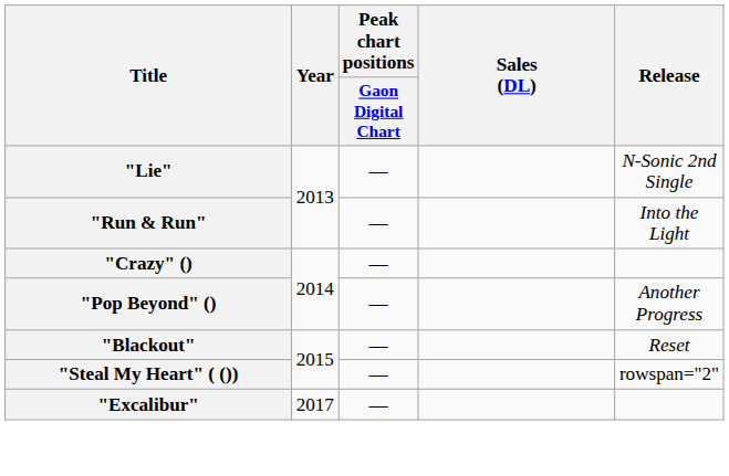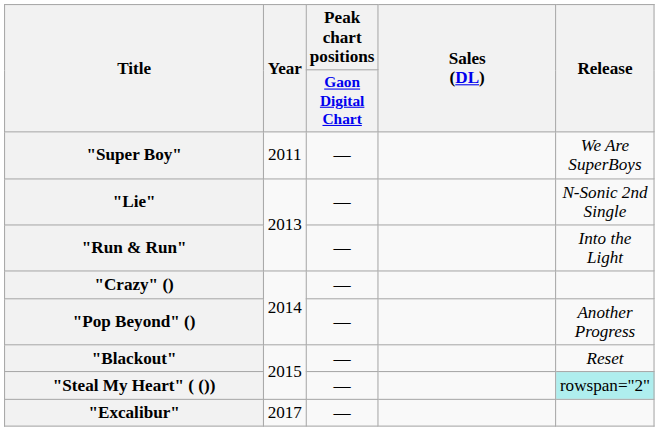 <table class="wikitable plainrowheaders" style="text-align:center;" border="1">
 <tr>
 <th scope="col" rowspan="2" style="width:16em;">Title</th>
 <th scope="col" rowspan="2">Year</th>
 <th scope="col">Peak chart positions</th>
 <th scope="col" rowspan="2" style="width:11em;">Sales<br>(<a href='#'>DL</a>)</th>
 <th scope="col" rowspan="2">Release</th>
 </tr>
 <tr>
 <th scope="col" style="width:3em;font-size:90%;"><a href='#'>Gaon Digital Chart</a><br></th>
+</tr>
+<tr>
+<th scope="row">"Super Boy"</th>
+<td>2011</td>
+<td>—</td>
+<td></td>
+<td><em>We Are SuperBoys</em></td>
 </tr>
 <tr>
 <th scope="row">"Lie"</th>
 <td rowspan="2">2013</td>
 <td>—</td>
 <td></td>
 <td><em>N-Sonic 2nd Single</em></td>
 </tr>
 <tr>
 <th scope="row">"Run & Run"</th>
 <td>—</td>
 <td></td>
 <td><em>Into the Light</em></td>
 </tr>
 <tr>
 <th scope="row">"Crazy" ()</th>
 <td rowspan="2">2014</td>
 <td>—</td>
 <td></td>
 <td></td>
 </tr>
 <tr>
 <th scope="row">"Pop Beyond" ()</th>
 <td>—</td>
 <td></td>
 <td><em>Another Progress</em></td>
 </tr>
 <tr>
 <th scope="row">"Blackout"</th>
 <td rowspan="2">2015</td>
 <td>—</td>
 <td></td>
 <td><em>Reset</em></td>
 </tr>
 <tr>
 <th scope="row">"Steal My Heart" ( ())</th>
 <td>—</td>
 <td></td>
-<td>rowspan="2" </td>
+<td style="background: paleturquoise;">rowspan="2" </td>
 </tr>
 <tr>
 <th scope="row">"Excalibur"</th>
 <td>2017</td>
 <td>—</td>
 <td></td>
 </tr>
 </table>
